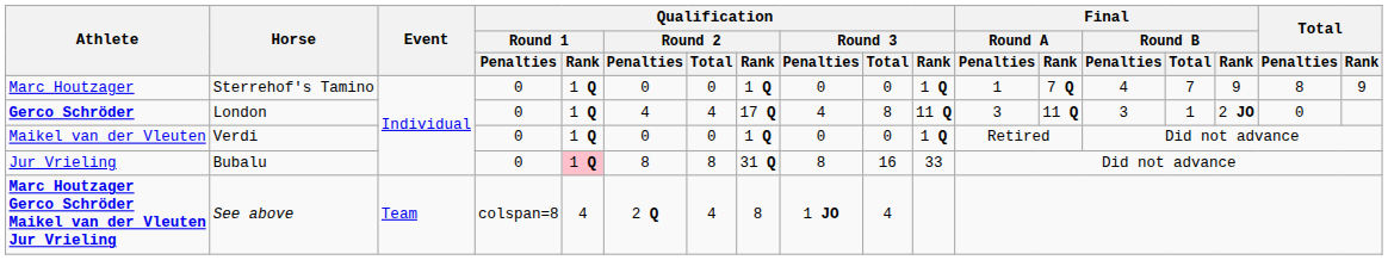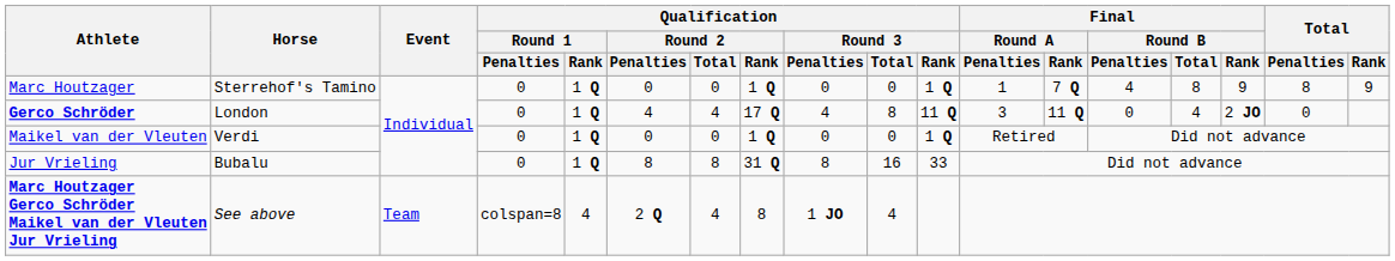 <table class="wikitable" style="font-size:90%">
 <tr>
 <th rowspan="3">Athlete</th>
 <th rowspan="3">Horse</th>
 <th rowspan="3">Event</th>
 <th colspan="8">Qualification</th>
 <th colspan="5">Final</th>
 <th rowspan=2 colspan="2">Total</th>
 </tr>
 <tr style="font-size:95%">
 <th colspan="2">Round 1</th>
 <th colspan="3">Round 2</th>
 <th colspan="3">Round 3</th>
 <th colspan="2">Round A</th>
 <th colspan="3">Round B</th>
 </tr>
 <tr style="font-size:95%">
 <th>Penalties</th>
 <th>Rank</th>
 <th>Penalties</th>
 <th>Total</th>
 <th>Rank</th>
 <th>Penalties</th>
 <th>Total</th>
 <th>Rank</th>
 <th>Penalties</th>
 <th>Rank</th>
 <th>Penalties</th>
 <th>Total</th>
 <th>Rank</th>
 <th>Penalties</th>
 <th>Rank</th>
 </tr>
 <tr align=center>
 <td align=left><a href='#'>Marc Houtzager</a></td>
 <td align=left>Sterrehof's Tamino</td>
 <td align=left rowspan=4><a href='#'>Individual</a></td>
 <td>0</td>
 <td>1 <strong>Q</strong></td>
 <td>0</td>
 <td>0</td>
 <td>1 <strong>Q</strong></td>
 <td>0</td>
 <td>0</td>
 <td>1 <strong>Q</strong></td>
 <td>1</td>
 <td>7 <strong>Q</strong></td>
 <td>4</td>
-<td>7</td>
+<td>8</td>
 <td>9</td>
 <td>8</td>
 <td>9</td>
 </tr>
 <tr align=center>
 <td align=left><strong><a href='#'>Gerco Schröder</a></strong></td>
 <td align=left>London</td>
 <td>0</td>
 <td>1 <strong>Q</strong></td>
 <td>4</td>
 <td>4</td>
 <td>17 <strong>Q</strong></td>
 <td>4</td>
 <td>8</td>
 <td>11 <strong>Q</strong></td>
 <td>3</td>
 <td>11 <strong>Q</strong></td>
-<td>3</td>
-<td>1</td>
+<td>0</td>
+<td>4</td>
 <td>2 <strong>JO</strong></td>
 <td>0</td>
 <td></td>
 </tr>
 <tr align=center>
 <td align=left><a href='#'>Maikel van der Vleuten</a></td>
 <td align=left>Verdi</td>
 <td>0</td>
 <td>1 <strong>Q</strong></td>
 <td>0</td>
 <td>0</td>
 <td>1 <strong>Q</strong></td>
 <td>0</td>
 <td>0</td>
 <td>1 <strong>Q</strong></td>
 <td colspan=2>Retired</td>
 <td colspan=5>Did not advance</td>
 </tr>
 <tr align=center>
 <td align=left><a href='#'>Jur Vrieling</a></td>
 <td align=left>Bubalu</td>
 <td>0</td>
-<td style="background: pink;">1 <strong>Q</strong></td>
+<td>1 <strong>Q</strong></td>
 <td>8</td>
 <td>8</td>
 <td>31 <strong>Q</strong></td>
 <td>8</td>
 <td>16</td>
 <td>33</td>
 <td colspan=7>Did not advance</td>
 </tr>
 <tr align=center>
 <td align=left><strong><a href='#'>Marc Houtzager</a><br><a href='#'>Gerco Schröder</a><br><a href='#'>Maikel van der Vleuten</a><br><a href='#'>Jur Vrieling</a></strong></td>
 <td align=left><em>See above</em></td>
 <td align=left><a href='#'>Team</a></td>
 <td>colspan=8 </td>
 <td>4</td>
 <td>2 <strong>Q</strong></td>
 <td>4</td>
 <td>8</td>
 <td>1 <strong>JO</strong></td>
 <td>4</td>
 <td></td>
 </tr>
 </table>
